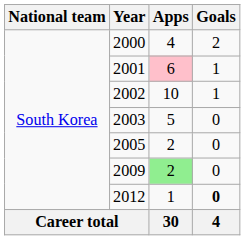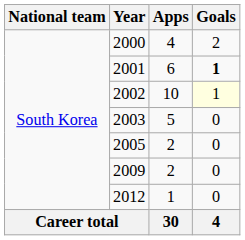 <table class="wikitable" style="text-align:center">
 <tr>
 <th>National team</th>
 <th>Year</th>
 <th>Apps</th>
 <th>Goals</th>
 </tr>
 <tr>
 <td rowspan=7><a href='#'>South Korea</a></td>
 <td>2000</td>
 <td>4</td>
 <td>2</td>
 </tr>
 <tr>
 <td>2001</td>
-<td style="background: pink;">6</td>
-<td>1</td>
+<td>6</td>
+<td><strong>1</strong></td>
 </tr>
 <tr>
 <td>2002</td>
 <td>10</td>
-<td>1</td>
+<td style="background: lightyellow;">1</td>
 </tr>
 <tr>
 <td>2003</td>
 <td>5</td>
 <td>0</td>
 </tr>
 <tr>
 <td>2005</td>
 <td>2</td>
 <td>0</td>
 </tr>
 <tr>
 <td>2009</td>
-<td style="background: lightgreen;">2</td>
+<td>2</td>
 <td>0</td>
 </tr>
 <tr>
 <td>2012</td>
 <td>1</td>
-<td><strong>0</strong></td>
+<td>0</td>
 </tr>
 <tr>
 <th colspan="2">Career total</th>
 <th>30</th>
 <th>4</th>
 </tr>
 </table>
